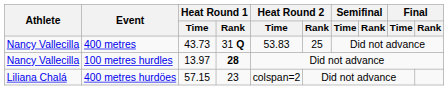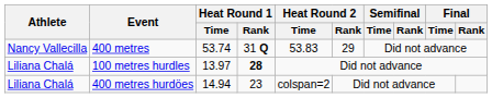 <table class=wikitable style="font-size:90%; text-align:center">
 <tr>
 <th rowspan=2>Athlete</th>
 <th rowspan=2>Event</th>
 <th colspan=2>Heat Round 1</th>
 <th colspan=2>Heat Round 2</th>
 <th colspan=2>Semifinal</th>
 <th colspan=2>Final</th>
 </tr>
 <tr style=font-size:95%>
 <th>Time</th>
 <th>Rank</th>
 <th>Time</th>
 <th>Rank</th>
 <th>Time</th>
 <th>Rank</th>
 <th>Time</th>
 <th>Rank</th>
 </tr>
 <tr align=center>
 <td align=left><a href='#'>Nancy Vallecilla</a></td>
 <td align=left><a href='#'>400 metres</a></td>
-<td>43.73</td>
+<td>53.74</td>
 <td>31 <strong>Q</strong></td>
 <td>53.83</td>
-<td>25</td>
+<td>29</td>
 <td colspan=4>Did not advance</td>
 </tr>
 <tr align=center>
-<td align=left><a href='#'>Nancy Vallecilla</a></td>
+<td align=left><a href='#'>Liliana Chalá</a></td>
 <td align=left><a href='#'>100 metres hurdles</a></td>
 <td>13.97</td>
 <td><strong>28</strong></td>
 <td colspan=6>Did not advance</td>
 </tr>
 <tr align=center>
 <td align=left><a href='#'>Liliana Chalá</a></td>
 <td align=left><a href='#'>400 metres hurdöes</a></td>
-<td>57.15</td>
+<td>14.94</td>
 <td>23</td>
 <td>colspan=2</td>
 <td colspan=4>Did not advance</td>
 </tr>
 </table>
